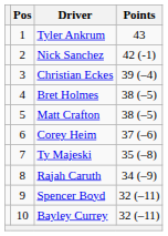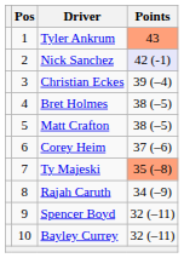 <table class="wikitable" style="font-size: 95%;">
 <tr>
 <th></th>
 <th>Pos</th>
 <th>Driver</th>
 <th>Points</th>
 </tr>
 <tr>
 <td align="left"></td>
 <td style="text-align:center;">1</td>
 <td><a href='#'>Tyler Ankrum</a></td>
-<td style="text-align:center;">43</td>
+<td style="background: lightsalmon; text-align:center;">43</td>
 </tr>
 <tr>
 <td align="left"></td>
 <td style="text-align:center;">2</td>
 <td><a href='#'>Nick Sanchez</a></td>
-<td style="text-align:center;">42 (-1)</td>
+<td style="background: lavender; text-align:center;">42 (-1)</td>
 </tr>
 <tr>
 <td align="left"></td>
 <td style="text-align:center;">3</td>
 <td><a href='#'>Christian Eckes</a></td>
 <td style="text-align:center;">39 (–4)</td>
 </tr>
 <tr>
 <td align="left"></td>
 <td style="text-align:center;">4</td>
 <td><a href='#'>Bret Holmes</a></td>
 <td style="text-align:center;">38 (–5)</td>
 </tr>
 <tr>
 <td align="left"></td>
 <td style="text-align:center;">5</td>
 <td><a href='#'>Matt Crafton</a></td>
 <td style="text-align:center;">38 (–5)</td>
 </tr>
 <tr>
 <td align="left"></td>
 <td style="text-align:center;">6</td>
 <td><a href='#'>Corey Heim</a></td>
 <td style="text-align:center;">37 (–6)</td>
 </tr>
 <tr>
 <td align="left"></td>
 <td style="text-align:center;">7</td>
 <td><a href='#'>Ty Majeski</a></td>
-<td style="text-align:center;">35 (–8)</td>
+<td style="background: lightsalmon; text-align:center;">35 (–8)</td>
 </tr>
 <tr>
 <td align="left"></td>
 <td style="text-align:center;">8</td>
 <td><a href='#'>Rajah Caruth</a></td>
 <td style="text-align:center;">34 (–9)</td>
 </tr>
 <tr>
 <td align="left"></td>
 <td style="text-align:center;">9</td>
 <td><a href='#'>Spencer Boyd</a></td>
 <td style="text-align:center;">32 (–11)</td>
 </tr>
 <tr>
 <td align="left"></td>
 <td style="text-align:center;">10</td>
 <td><a href='#'>Bayley Currey</a></td>
 <td style="text-align:center;">32 (–11)</td>
 </tr>
 <tr class="sortbottom">
 <th colspan="9"></th>
 </tr>
 </table>
